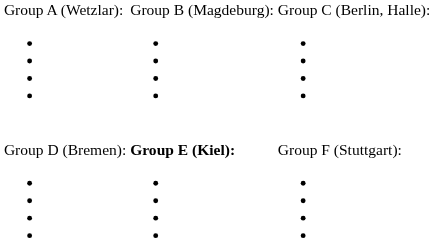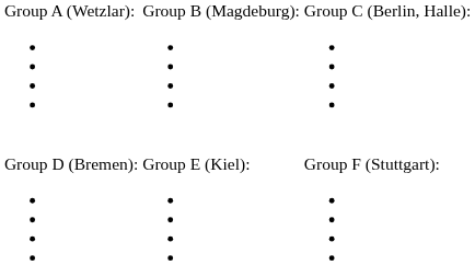 <table>
 <tr>
 <td><br>Group A (Wetzlar):<ul><li></li><li></li><li></li><li></li></ul></td>
 <td><br>Group B (Magdeburg):<ul><li></li><li></li><li></li><li></li></ul></td>
 <td><br>Group C (Berlin, Halle):<ul><li></li><li></li><li></li><li></li></ul></td>
 </tr>
 <tr>
 <td><br>Group D (Bremen):<ul><li></li><li></li><li></li><li></li></ul></td>
-<td><strong><br>Group E (Kiel):<ul><li></li><li></li><li></li><li></li></ul></strong></td>
+<td><br>Group E (Kiel):<ul><li></li><li></li><li></li><li></li></ul></td>
 <td><br>Group F (Stuttgart):<ul><li></li><li></li><li></li><li></li></ul></td>
 </tr>
 </table>
